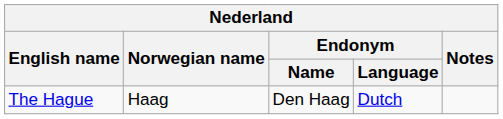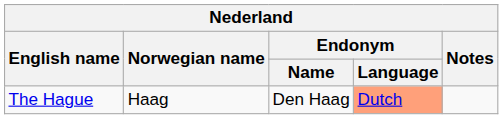 <table class="wikitable sortable">
 <tr>
 <th colspan="5"> Nederland</th>
 </tr>
 <tr>
 <th rowspan="2">English name</th>
 <th rowspan="2">Norwegian name</th>
 <th colspan="2">Endonym</th>
 <th rowspan="2">Notes</th>
 </tr>
 <tr>
 <th>Name</th>
 <th>Language</th>
 </tr>
 <tr>
 <td><a href='#'>The Hague</a></td>
 <td>Haag</td>
 <td>Den Haag</td>
-<td><a href='#'>Dutch</a></td>
+<td style="background: lightsalmon;"><a href='#'>Dutch</a></td>
 <td></td>
 </tr>
 </table>
